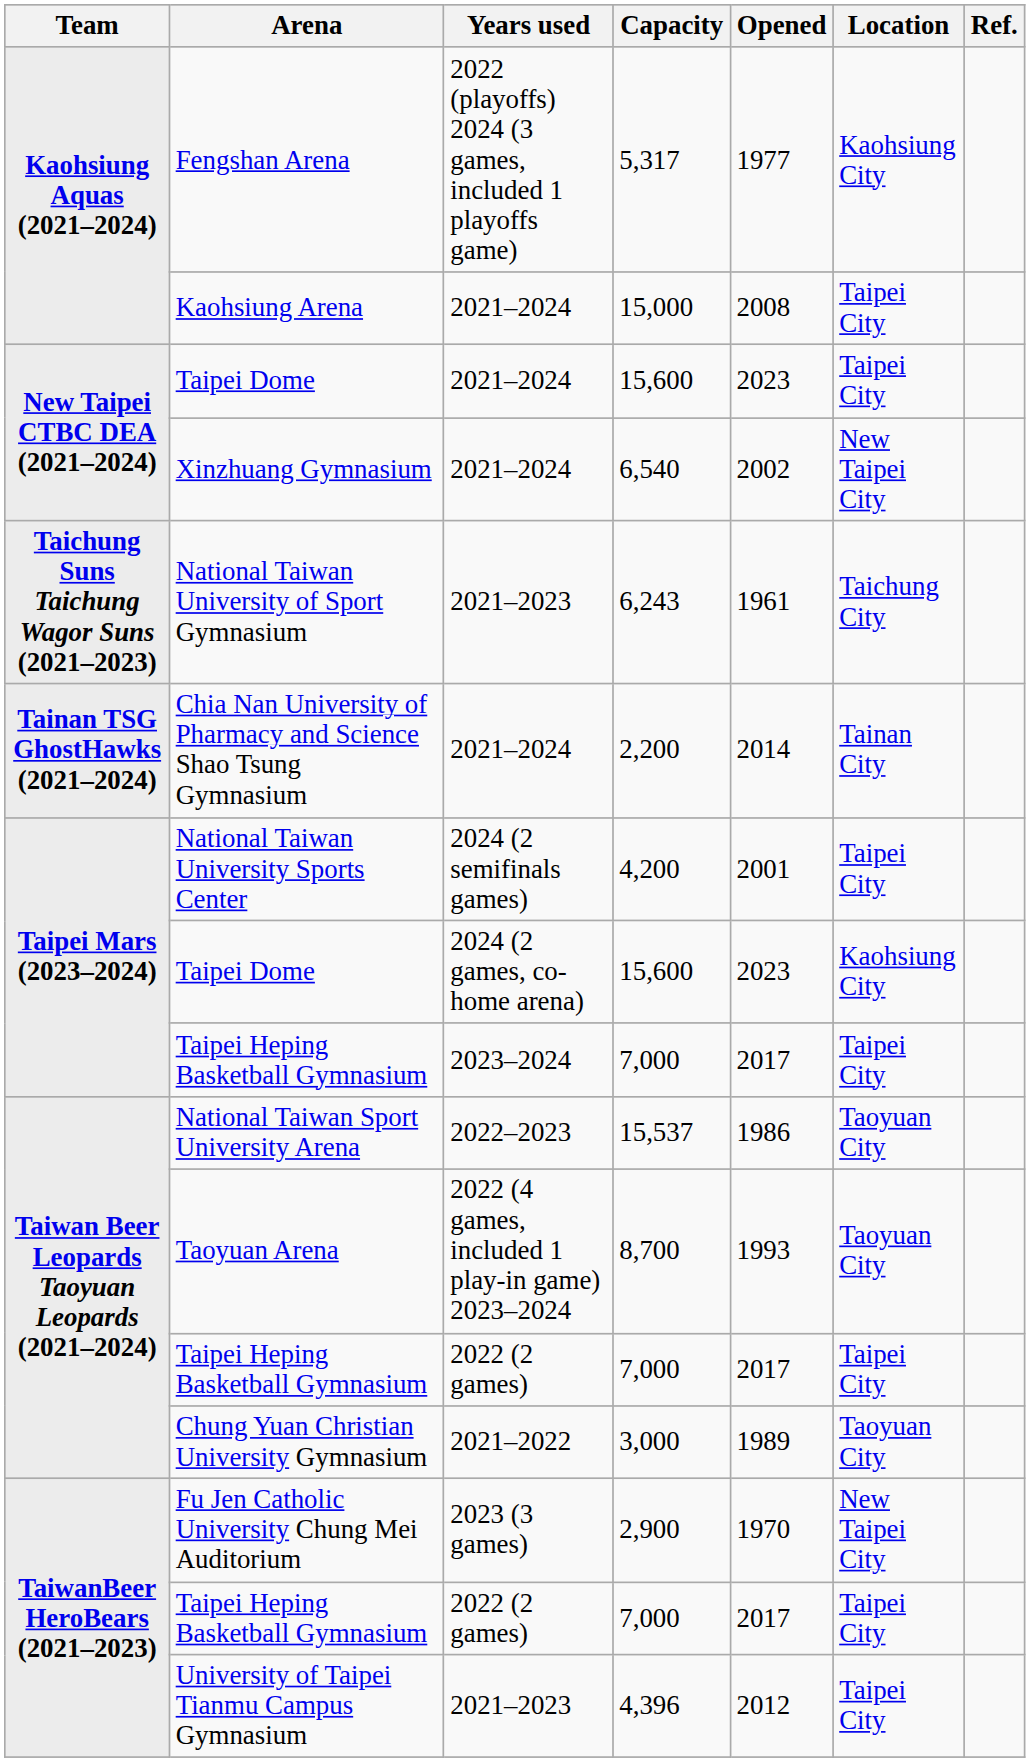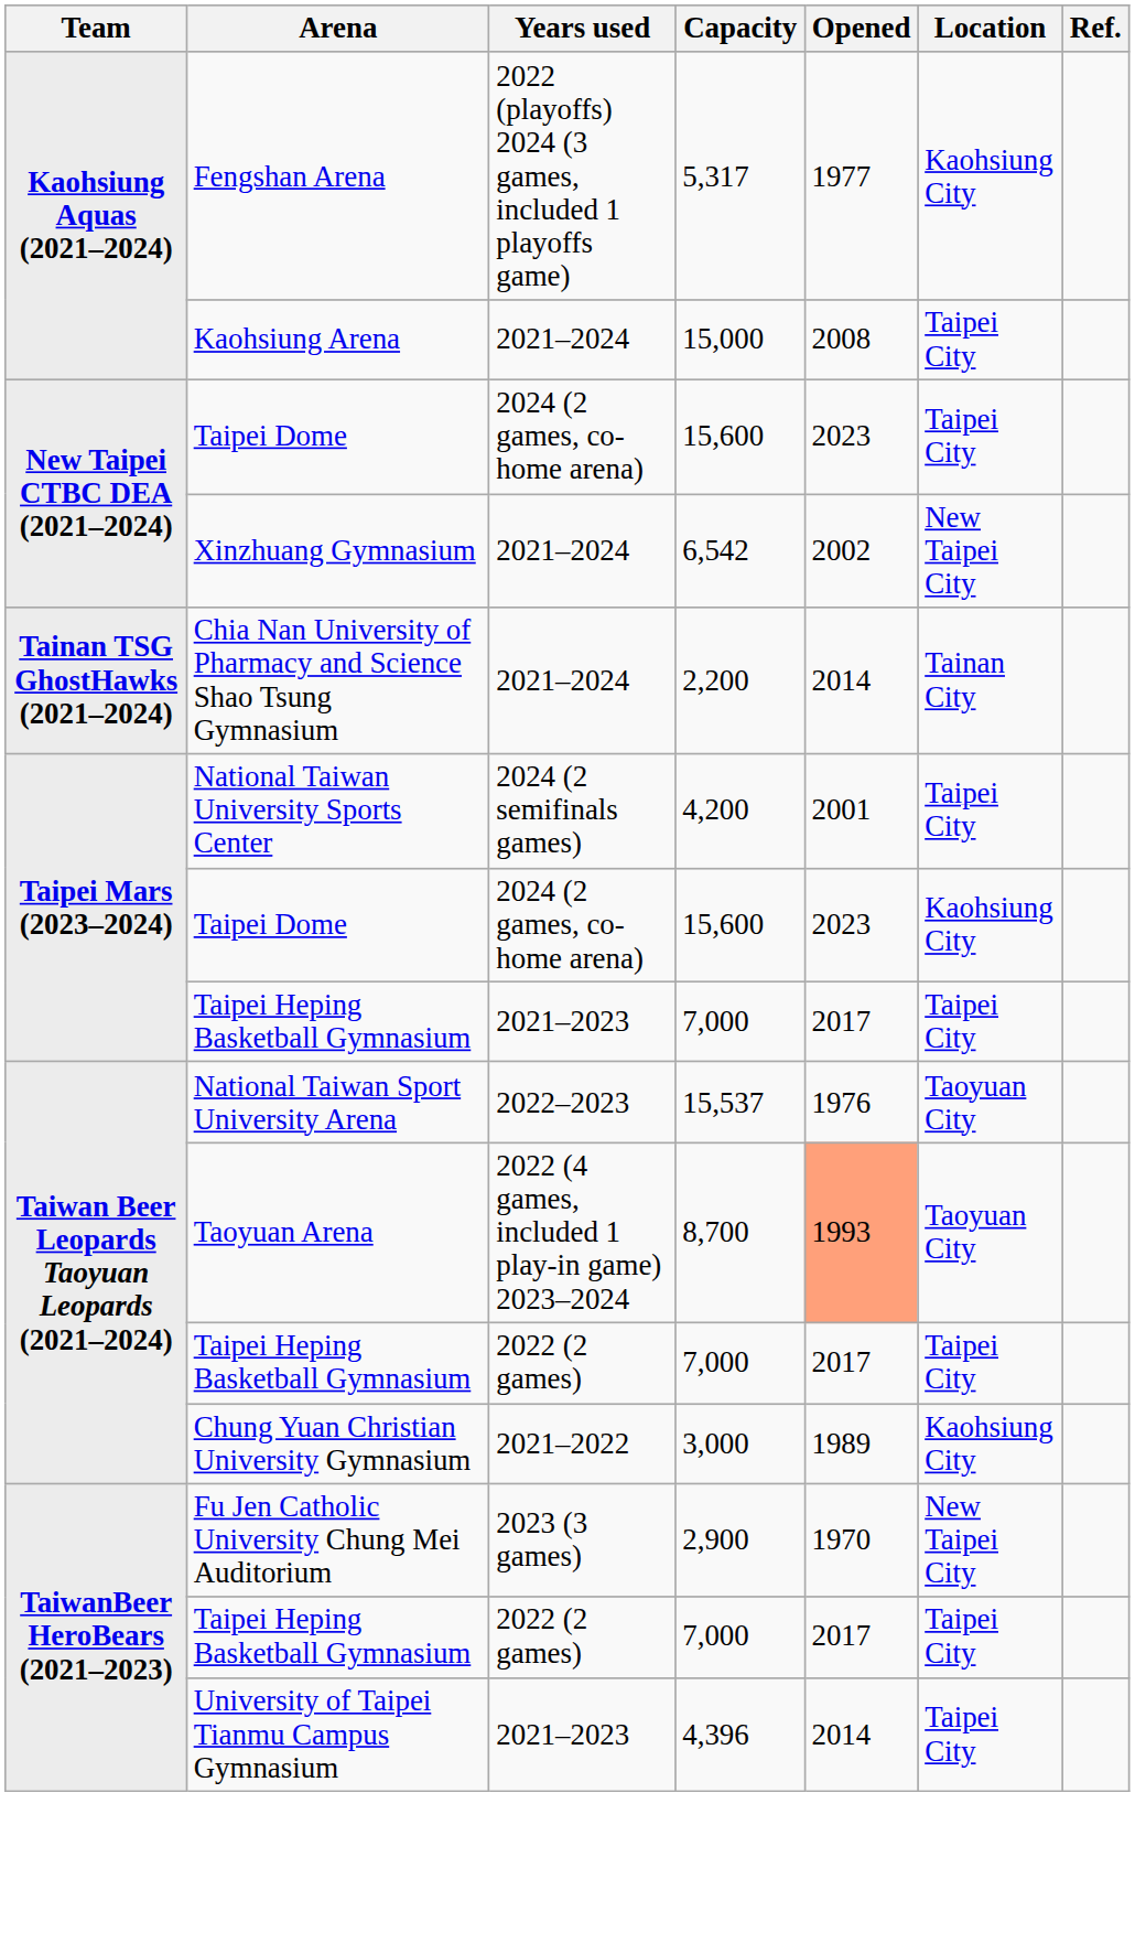 <table class="wikitable plainrowheaders” style="font-size: 85%; text-align: center; width: 100%;">
 <tr>
 <th style="width:12%">Team</th>
 <th style="width:26%">Arena</th>
 <th style="width:16%">Years used</th>
 <th style="width:5%">Capacity</th>
 <th style="width:2%">Opened</th>
 <th style="width:6%">Location</th>
 <th style="width:3%">Ref.</th>
 </tr>
 <tr>
 <th style="background: #ececec;" rowspan=2><a href='#'>Kaohsiung Aquas</a><br>(2021–2024)</th>
 <td><a href='#'>Fengshan Arena</a></td>
 <td>2022 (playoffs)<br>2024 (3 games, included 1 playoffs game)</td>
 <td>5,317</td>
 <td>1977</td>
 <td><a href='#'>Kaohsiung City</a></td>
 <td align="center"></td>
 </tr>
 <tr>
 <td><a href='#'>Kaohsiung Arena</a></td>
 <td>2021–2024</td>
 <td>15,000</td>
 <td>2008</td>
 <td><a href='#'>Taipei City</a></td>
 <td align="center"></td>
 </tr>
 <tr>
 <th style="background: #ececec;" rowspan=2><a href='#'>New Taipei CTBC DEA</a><br>(2021–2024)</th>
 <td><a href='#'>Taipei Dome</a></td>
-<td>2021–2024</td>
+<td>2024 (2 games, co-home arena)</td>
 <td>15,600</td>
 <td>2023</td>
 <td><a href='#'>Taipei City</a></td>
 <td align="center"></td>
 </tr>
 <tr>
 <td><a href='#'>Xinzhuang Gymnasium</a></td>
 <td>2021–2024</td>
-<td>6,540</td>
+<td>6,542</td>
 <td>2002</td>
 <td><a href='#'>New Taipei City</a></td>
-<td align="center"></td>
-</tr>
-<tr>
-<th style="background: #ececec;"><a href='#'>Taichung Suns</a><br><strong><em>Taichung Wagor Suns</em></strong><br>(2021–2023)</th>
-<td><a href='#'>National Taiwan University of Sport</a> Gymnasium</td>
-<td>2021–2023</td>
-<td>6,243</td>
-<td>1961</td>
-<td><a href='#'>Taichung City</a></td>
 <td align="center"></td>
 </tr>
 <tr>
 <th style="background: #ececec;"><a href='#'>Tainan TSG GhostHawks</a><br>(2021–2024)</th>
 <td><a href='#'>Chia Nan University of Pharmacy and Science</a> Shao Tsung Gymnasium</td>
 <td>2021–2024</td>
 <td>2,200</td>
 <td>2014</td>
 <td><a href='#'>Tainan City</a></td>
 <td align="center"></td>
 </tr>
 <tr>
 <th style="background: #ececec;" rowspan=3><a href='#'>Taipei Mars</a><br>(2023–2024)</th>
 <td><a href='#'>National Taiwan University Sports Center</a></td>
 <td>2024 (2 semifinals games)</td>
 <td>4,200</td>
 <td>2001</td>
 <td><a href='#'>Taipei City</a></td>
 <td align="center"></td>
 </tr>
 <tr>
 <td><a href='#'>Taipei Dome</a></td>
 <td>2024 (2 games, co-home arena)</td>
 <td>15,600</td>
 <td>2023</td>
 <td><a href='#'>Kaohsiung City</a></td>
 <td align="center"></td>
 </tr>
 <tr>
 <td><a href='#'>Taipei Heping Basketball Gymnasium</a></td>
-<td>2023–2024</td>
+<td>2021–2023</td>
 <td>7,000</td>
 <td>2017</td>
 <td><a href='#'>Taipei City</a></td>
 <td align="center"></td>
 </tr>
 <tr>
 <th style="background: #ececec;" rowspan=4><a href='#'>Taiwan Beer Leopards</a><br><strong><em>Taoyuan Leopards</em></strong><br>(2021–2024)</th>
 <td><a href='#'>National Taiwan Sport University Arena</a></td>
 <td>2022–2023</td>
 <td>15,537</td>
-<td>1986</td>
+<td>1976</td>
 <td><a href='#'>Taoyuan City</a></td>
 <td align="center"></td>
 </tr>
 <tr>
 <td><a href='#'>Taoyuan Arena</a></td>
 <td>2022 (4 games, included 1 play-in game)<br>2023–2024</td>
 <td>8,700</td>
-<td>1993</td>
+<td style="background: lightsalmon;">1993</td>
 <td><a href='#'>Taoyuan City</a></td>
 <td align="center"></td>
 </tr>
 <tr>
 <td><a href='#'>Taipei Heping Basketball Gymnasium</a></td>
 <td>2022 (2 games)</td>
 <td>7,000</td>
 <td>2017</td>
 <td><a href='#'>Taipei City</a></td>
 <td align="center"></td>
 </tr>
 <tr>
 <td><a href='#'>Chung Yuan Christian University</a> Gymnasium</td>
 <td>2021–2022</td>
 <td>3,000</td>
 <td>1989</td>
-<td><a href='#'>Taoyuan City</a></td>
+<td><a href='#'>Kaohsiung City</a></td>
 <td align="center"></td>
 </tr>
 <tr>
 <th style="background: #ececec;" rowspan=3><a href='#'>TaiwanBeer HeroBears</a><br>(2021–2023)</th>
 <td><a href='#'>Fu Jen Catholic University</a> Chung Mei Auditorium</td>
 <td>2023 (3 games)</td>
 <td>2,900</td>
 <td>1970</td>
 <td><a href='#'>New Taipei City</a></td>
 <td align="center"></td>
 </tr>
 <tr>
 <td><a href='#'>Taipei Heping Basketball Gymnasium</a></td>
 <td>2022 (2 games)</td>
 <td>7,000</td>
 <td>2017</td>
 <td><a href='#'>Taipei City</a></td>
 <td align="center"></td>
 </tr>
 <tr>
 <td><a href='#'>University of Taipei Tianmu Campus</a> Gymnasium</td>
 <td>2021–2023</td>
 <td>4,396</td>
-<td>2012</td>
+<td>2014</td>
 <td><a href='#'>Taipei City</a></td>
 <td align="center"></td>
 </tr>
 </table>
